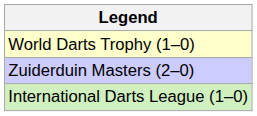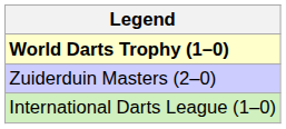 <table class="wikitable">
 <tr>
 <th>Legend</th>
 </tr>
 <tr style="background:#ffc;">
-<td>World Darts Trophy (1–0)</td>
+<td><strong>World Darts Trophy (1–0)</strong></td>
 </tr>
 <tr style="background:#ccf;">
 <td>Zuiderduin Masters (2–0)</td>
 </tr>
 <tr style="background:#d0f0c0;">
 <td>International Darts League (1–0)</td>
 </tr>
 </table>
